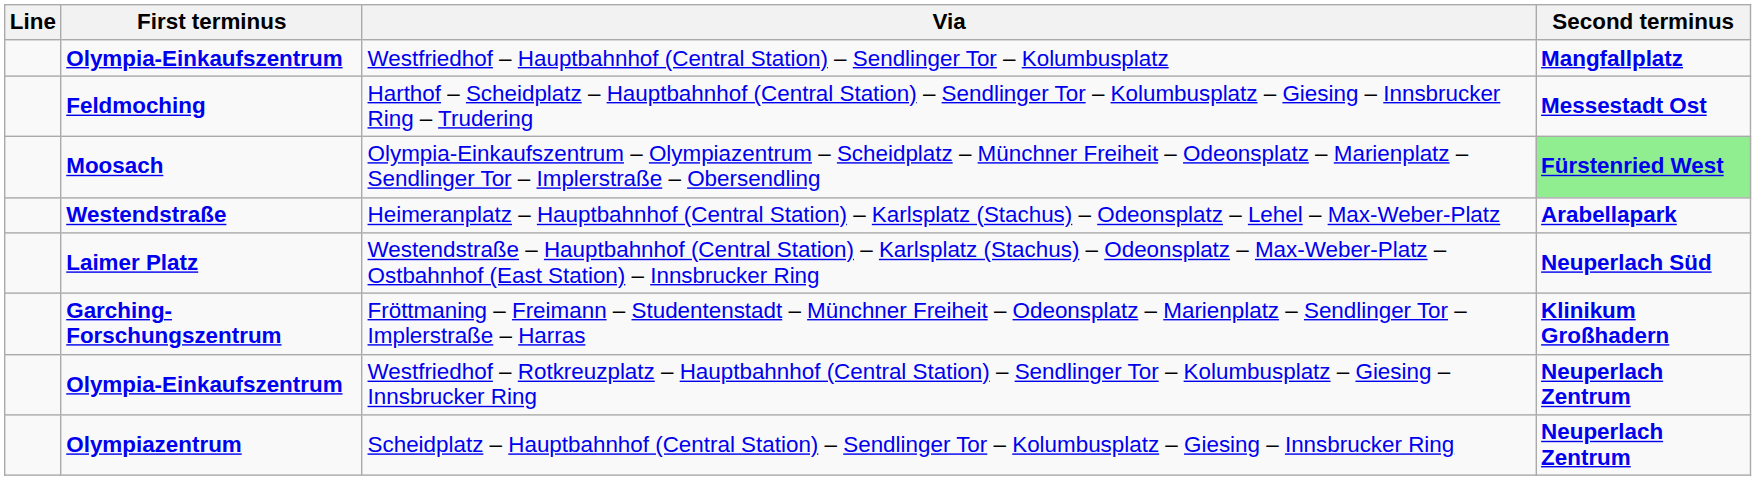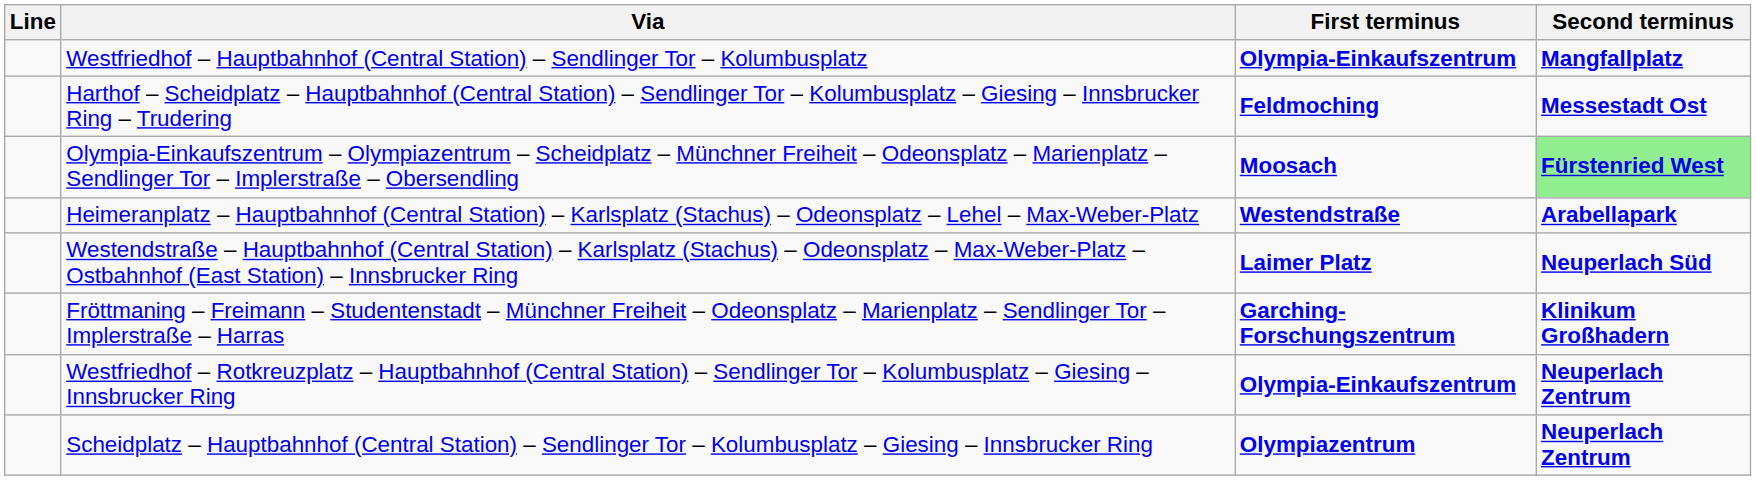 <table class="wikitable">
 <tr>
 <th>Line</th>
+<th>Via</th>
 <th>First terminus</th>
-<th>Via</th>
 <th>Second terminus</th>
 </tr>
 <tr>
 <td></td>
+<td><a href='#'>Westfriedhof</a> – <a href='#'>Hauptbahnhof (Central Station)</a> – <a href='#'>Sendlinger Tor</a> – <a href='#'>Kolumbusplatz</a></td>
 <td><strong><a href='#'>Olympia-Einkaufszentrum</a></strong></td>
-<td><a href='#'>Westfriedhof</a> – <a href='#'>Hauptbahnhof (Central Station)</a> – <a href='#'>Sendlinger Tor</a> – <a href='#'>Kolumbusplatz</a></td>
 <td><strong><a href='#'>Mangfallplatz</a></strong></td>
 </tr>
 <tr>
 <td></td>
+<td><a href='#'>Harthof</a> – <a href='#'>Scheidplatz</a> – <a href='#'>Hauptbahnhof (Central Station)</a> – <a href='#'>Sendlinger Tor</a> – <a href='#'>Kolumbusplatz</a> – <a href='#'>Giesing</a> – <a href='#'>Innsbrucker Ring</a> – <a href='#'>Trudering</a></td>
 <td><strong><a href='#'>Feldmoching</a></strong></td>
-<td><a href='#'>Harthof</a> – <a href='#'>Scheidplatz</a> – <a href='#'>Hauptbahnhof (Central Station)</a> – <a href='#'>Sendlinger Tor</a> – <a href='#'>Kolumbusplatz</a> – <a href='#'>Giesing</a> – <a href='#'>Innsbrucker Ring</a> – <a href='#'>Trudering</a></td>
 <td><strong><a href='#'>Messestadt Ost</a></strong></td>
 </tr>
 <tr>
 <td></td>
+<td><a href='#'>Olympia-Einkaufszentrum</a> – <a href='#'>Olympiazentrum</a> – <a href='#'>Scheidplatz</a> – <a href='#'>Münchner Freiheit</a> – <a href='#'>Odeonsplatz</a> – <a href='#'>Marienplatz</a> – <a href='#'>Sendlinger Tor</a> – <a href='#'>Implerstraße</a> – <a href='#'>Obersendling</a></td>
 <td><strong><a href='#'>Moosach</a></strong></td>
-<td><a href='#'>Olympia-Einkaufszentrum</a> – <a href='#'>Olympiazentrum</a> – <a href='#'>Scheidplatz</a> – <a href='#'>Münchner Freiheit</a> – <a href='#'>Odeonsplatz</a> – <a href='#'>Marienplatz</a> – <a href='#'>Sendlinger Tor</a> – <a href='#'>Implerstraße</a> – <a href='#'>Obersendling</a></td>
 <td style="background: lightgreen;"><strong><a href='#'>Fürstenried West</a></strong></td>
 </tr>
 <tr>
 <td></td>
+<td><a href='#'>Heimeranplatz</a> – <a href='#'>Hauptbahnhof (Central Station)</a> – <a href='#'>Karlsplatz (Stachus)</a> – <a href='#'>Odeonsplatz</a> – <a href='#'>Lehel</a> – <a href='#'>Max-Weber-Platz</a></td>
 <td><strong><a href='#'>Westendstraße</a></strong></td>
-<td><a href='#'>Heimeranplatz</a> – <a href='#'>Hauptbahnhof (Central Station)</a> – <a href='#'>Karlsplatz (Stachus)</a> – <a href='#'>Odeonsplatz</a> – <a href='#'>Lehel</a> – <a href='#'>Max-Weber-Platz</a></td>
 <td><strong><a href='#'>Arabellapark</a></strong></td>
 </tr>
 <tr>
 <td></td>
+<td><a href='#'>Westendstraße</a> – <a href='#'>Hauptbahnhof (Central Station)</a> – <a href='#'>Karlsplatz (Stachus)</a> – <a href='#'>Odeonsplatz</a> – <a href='#'>Max-Weber-Platz</a> – <a href='#'>Ostbahnhof (East Station)</a> – <a href='#'>Innsbrucker Ring</a></td>
 <td><strong><a href='#'>Laimer Platz</a></strong></td>
-<td><a href='#'>Westendstraße</a> – <a href='#'>Hauptbahnhof (Central Station)</a> – <a href='#'>Karlsplatz (Stachus)</a> – <a href='#'>Odeonsplatz</a> – <a href='#'>Max-Weber-Platz</a> – <a href='#'>Ostbahnhof (East Station)</a> – <a href='#'>Innsbrucker Ring</a></td>
 <td><strong><a href='#'>Neuperlach Süd</a></strong></td>
 </tr>
 <tr>
 <td></td>
+<td><a href='#'>Fröttmaning</a> – <a href='#'>Freimann</a> – <a href='#'>Studentenstadt</a> – <a href='#'>Münchner Freiheit</a> – <a href='#'>Odeonsplatz</a> – <a href='#'>Marienplatz</a> – <a href='#'>Sendlinger Tor</a> – <a href='#'>Implerstraße</a> – <a href='#'>Harras</a></td>
 <td><strong><a href='#'>Garching-Forschungszentrum</a></strong></td>
-<td><a href='#'>Fröttmaning</a> – <a href='#'>Freimann</a> – <a href='#'>Studentenstadt</a> – <a href='#'>Münchner Freiheit</a> – <a href='#'>Odeonsplatz</a> – <a href='#'>Marienplatz</a> – <a href='#'>Sendlinger Tor</a> – <a href='#'>Implerstraße</a> – <a href='#'>Harras</a></td>
 <td><strong><a href='#'>Klinikum Großhadern</a></strong></td>
 </tr>
 <tr>
 <td></td>
+<td><a href='#'>Westfriedhof</a> – <a href='#'>Rotkreuzplatz</a> – <a href='#'>Hauptbahnhof (Central Station)</a> – <a href='#'>Sendlinger Tor</a> – <a href='#'>Kolumbusplatz</a> – <a href='#'>Giesing</a> – <a href='#'>Innsbrucker Ring</a></td>
 <td><strong><a href='#'>Olympia-Einkaufszentrum</a></strong></td>
-<td><a href='#'>Westfriedhof</a> – <a href='#'>Rotkreuzplatz</a> – <a href='#'>Hauptbahnhof (Central Station)</a> – <a href='#'>Sendlinger Tor</a> – <a href='#'>Kolumbusplatz</a> – <a href='#'>Giesing</a> – <a href='#'>Innsbrucker Ring</a></td>
 <td><strong><a href='#'>Neuperlach Zentrum</a></strong></td>
 </tr>
 <tr>
 <td></td>
+<td><a href='#'>Scheidplatz</a> – <a href='#'>Hauptbahnhof (Central Station)</a> – <a href='#'>Sendlinger Tor</a> – <a href='#'>Kolumbusplatz</a> – <a href='#'>Giesing</a> – <a href='#'>Innsbrucker Ring</a></td>
 <td><strong><a href='#'>Olympiazentrum</a></strong></td>
-<td><a href='#'>Scheidplatz</a> – <a href='#'>Hauptbahnhof (Central Station)</a> – <a href='#'>Sendlinger Tor</a> – <a href='#'>Kolumbusplatz</a> – <a href='#'>Giesing</a> – <a href='#'>Innsbrucker Ring</a></td>
 <td><strong><a href='#'>Neuperlach Zentrum</a></strong></td>
 </tr>
 </table>
